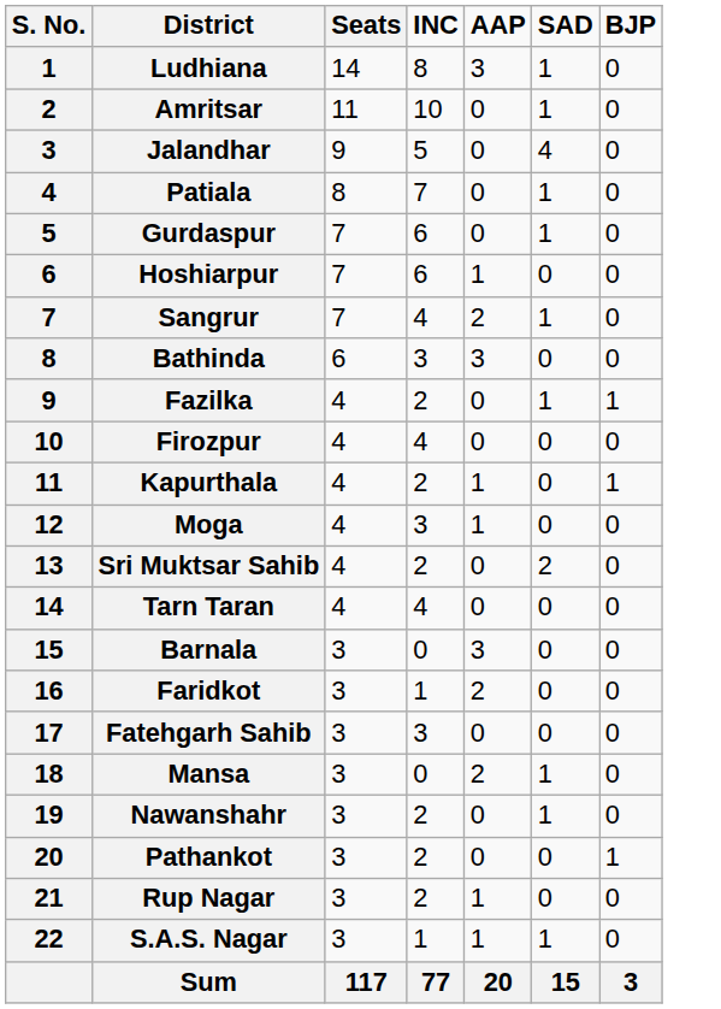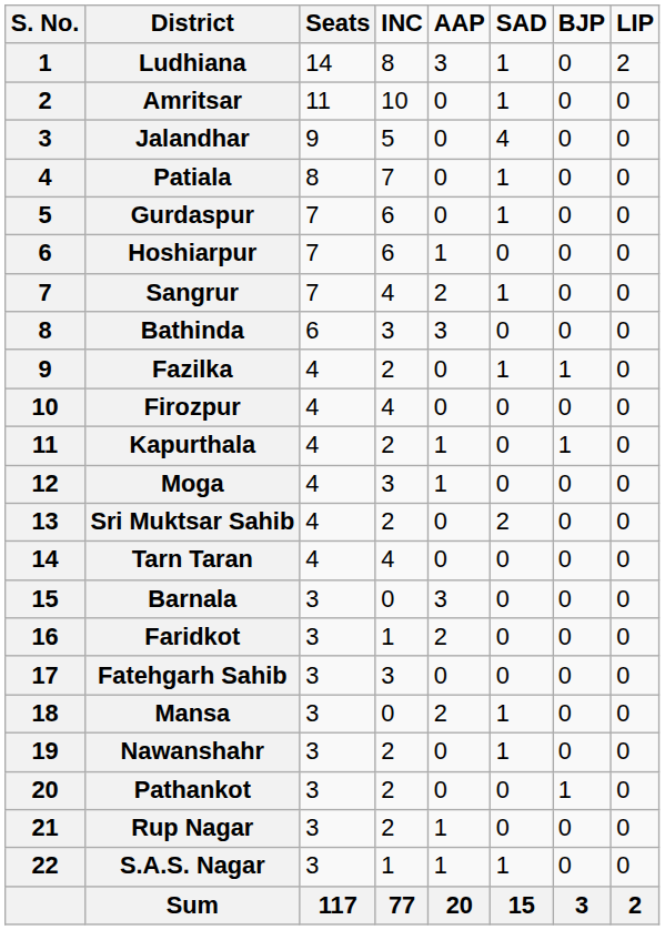 <table class="wikitable sortable">
 <tr>
 <th>S. No.</th>
 <th>District</th>
 <th>Seats</th>
 <td style="background: "><strong>INC</strong></td>
 <td style="background: "><strong>AAP</strong></td>
 <td style="background: "><strong>SAD</strong></td>
 <td style="text-align:center; background:"><strong>BJP</strong></td>
+<td style="text-align:center; background:"><strong>LIP</strong></td>
 </tr>
 <tr>
 <th>1</th>
 <th>Ludhiana</th>
 <td>14</td>
 <td>8</td>
 <td>3</td>
 <td>1</td>
 <td>0</td>
+<td>2</td>
 </tr>
 <tr>
 <th>2</th>
 <th>Amritsar</th>
 <td>11</td>
 <td>10</td>
 <td>0</td>
 <td>1</td>
+<td>0</td>
 <td>0</td>
 </tr>
 <tr>
 <th>3</th>
 <th>Jalandhar</th>
 <td>9</td>
 <td>5</td>
 <td>0</td>
 <td>4</td>
 <td>0</td>
+<td>0</td>
 </tr>
 <tr>
 <th>4</th>
 <th>Patiala</th>
 <td>8</td>
 <td>7</td>
 <td>0</td>
 <td>1</td>
+<td>0</td>
 <td>0</td>
 </tr>
 <tr>
 <th>5</th>
 <th>Gurdaspur</th>
 <td>7</td>
 <td>6</td>
 <td>0</td>
 <td>1</td>
 <td>0</td>
+<td>0</td>
 </tr>
 <tr>
 <th>6</th>
 <th>Hoshiarpur</th>
 <td>7</td>
 <td>6</td>
 <td>1</td>
+<td>0</td>
 <td>0</td>
 <td>0</td>
 </tr>
 <tr>
 <th>7</th>
 <th>Sangrur</th>
 <td>7</td>
 <td>4</td>
 <td>2</td>
 <td>1</td>
 <td>0</td>
+<td>0</td>
 </tr>
 <tr>
 <th>8</th>
 <th>Bathinda</th>
 <td>6</td>
 <td>3</td>
 <td>3</td>
+<td>0</td>
 <td>0</td>
 <td>0</td>
 </tr>
 <tr>
 <th>9</th>
 <th>Fazilka</th>
 <td>4</td>
 <td>2</td>
 <td>0</td>
 <td>1</td>
 <td>1</td>
+<td>0</td>
 </tr>
 <tr>
 <th>10</th>
 <th>Firozpur</th>
 <td>4</td>
 <td>4</td>
+<td>0</td>
 <td>0</td>
 <td>0</td>
 <td>0</td>
 </tr>
 <tr>
 <th>11</th>
 <th>Kapurthala</th>
 <td>4</td>
 <td>2</td>
 <td>1</td>
 <td>0</td>
 <td>1</td>
+<td>0</td>
 </tr>
 <tr>
 <th>12</th>
 <th>Moga</th>
 <td>4</td>
 <td>3</td>
 <td>1</td>
+<td>0</td>
 <td>0</td>
 <td>0</td>
 </tr>
 <tr>
 <th>13</th>
 <th>Sri Muktsar Sahib</th>
 <td>4</td>
 <td>2</td>
 <td>0</td>
 <td>2</td>
 <td>0</td>
+<td>0</td>
 </tr>
 <tr>
 <th>14</th>
 <th>Tarn Taran</th>
 <td>4</td>
 <td>4</td>
+<td>0</td>
 <td>0</td>
 <td>0</td>
 <td>0</td>
 </tr>
 <tr>
 <th>15</th>
 <th>Barnala</th>
 <td>3</td>
 <td>0</td>
 <td>3</td>
 <td>0</td>
 <td>0</td>
+<td>0</td>
 </tr>
 <tr>
 <th>16</th>
 <th>Faridkot</th>
 <td>3</td>
 <td>1</td>
 <td>2</td>
 <td>0</td>
 <td>0</td>
+<td>0</td>
 </tr>
 <tr>
 <th>17</th>
 <th>Fatehgarh Sahib</th>
 <td>3</td>
 <td>3</td>
+<td>0</td>
 <td>0</td>
 <td>0</td>
 <td>0</td>
 </tr>
 <tr>
 <th>18</th>
 <th>Mansa</th>
 <td>3</td>
 <td>0</td>
 <td>2</td>
 <td>1</td>
 <td>0</td>
+<td>0</td>
 </tr>
 <tr>
 <th>19</th>
 <th>Nawanshahr</th>
 <td>3</td>
 <td>2</td>
 <td>0</td>
 <td>1</td>
+<td>0</td>
 <td>0</td>
 </tr>
 <tr>
 <th>20</th>
 <th>Pathankot</th>
 <td>3</td>
 <td>2</td>
 <td>0</td>
 <td>0</td>
 <td>1</td>
+<td>0</td>
 </tr>
 <tr>
 <th>21</th>
 <th>Rup Nagar</th>
 <td>3</td>
 <td>2</td>
 <td>1</td>
+<td>0</td>
 <td>0</td>
 <td>0</td>
 </tr>
 <tr>
 <th>22</th>
 <th>S.A.S. Nagar</th>
 <td>3</td>
 <td>1</td>
 <td>1</td>
 <td>1</td>
 <td>0</td>
+<td>0</td>
 </tr>
 <tr>
 <th></th>
 <th>Sum</th>
 <th>117</th>
 <th>77</th>
 <th>20</th>
 <th>15</th>
 <th>3</th>
+<th>2</th>
 </tr>
 </table>
